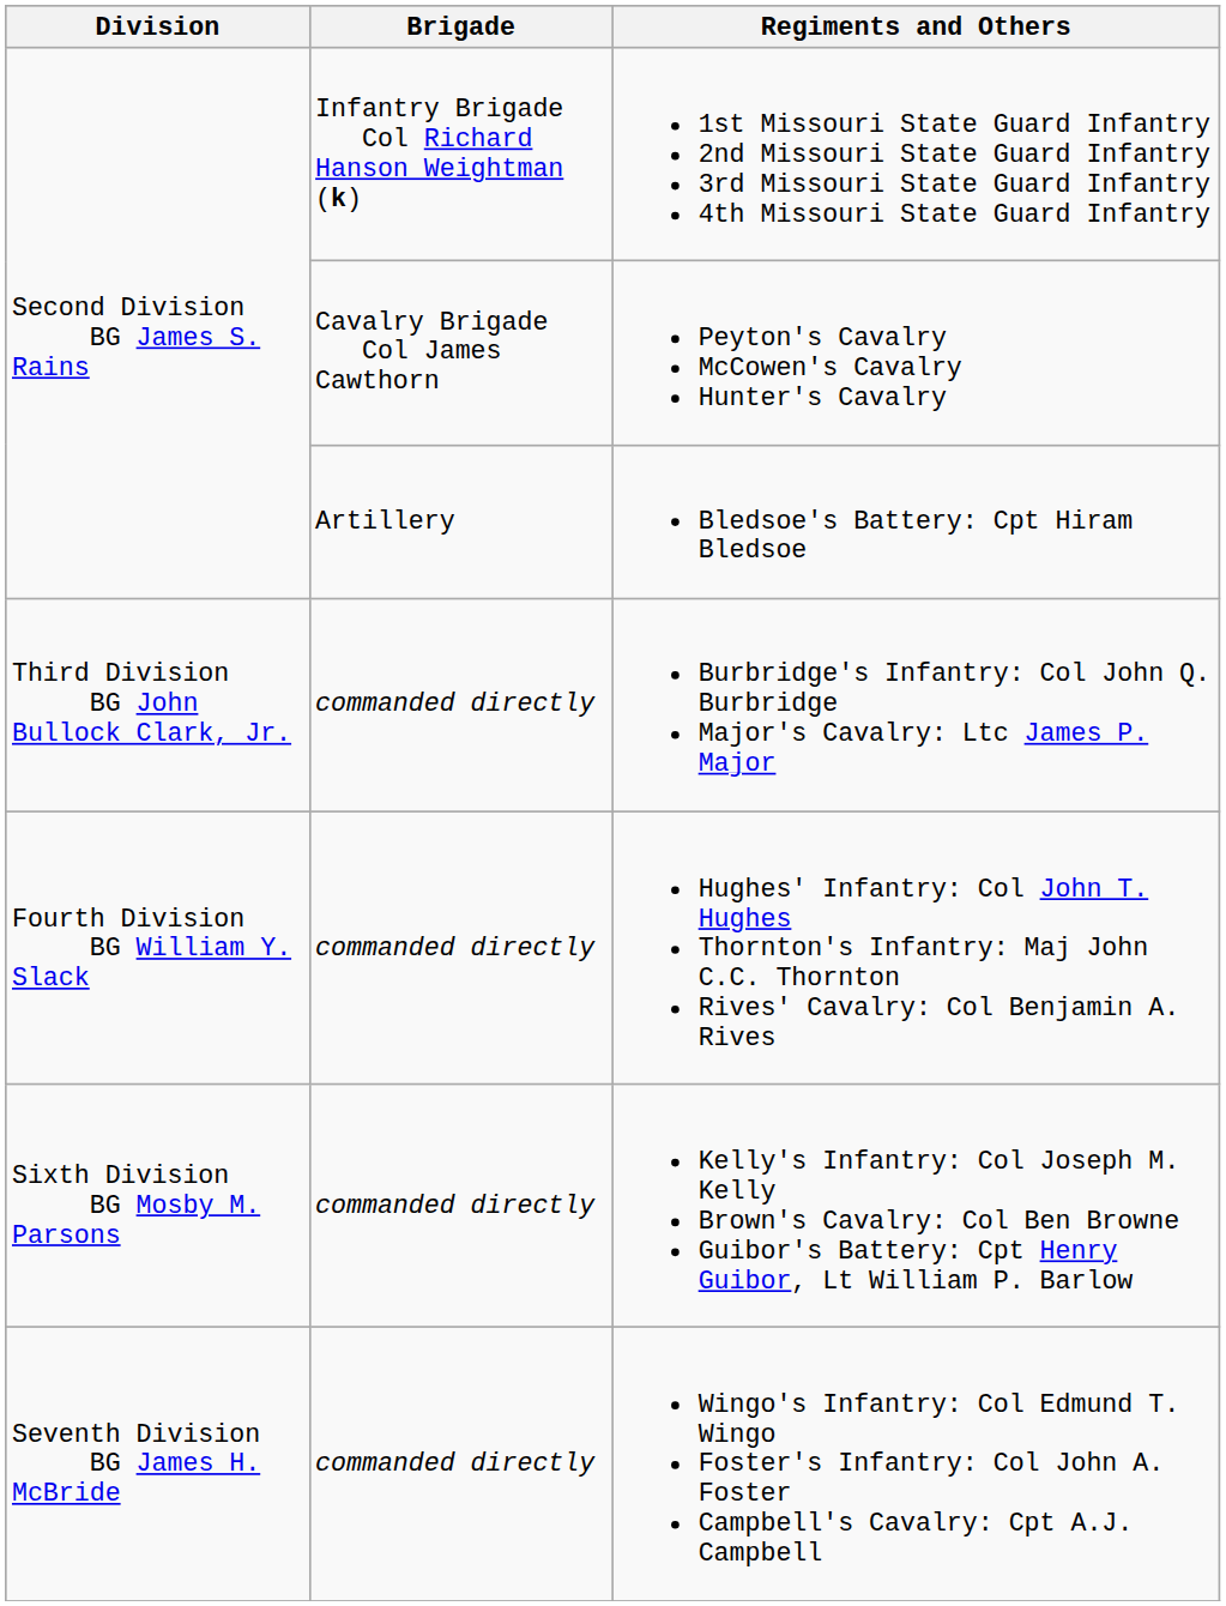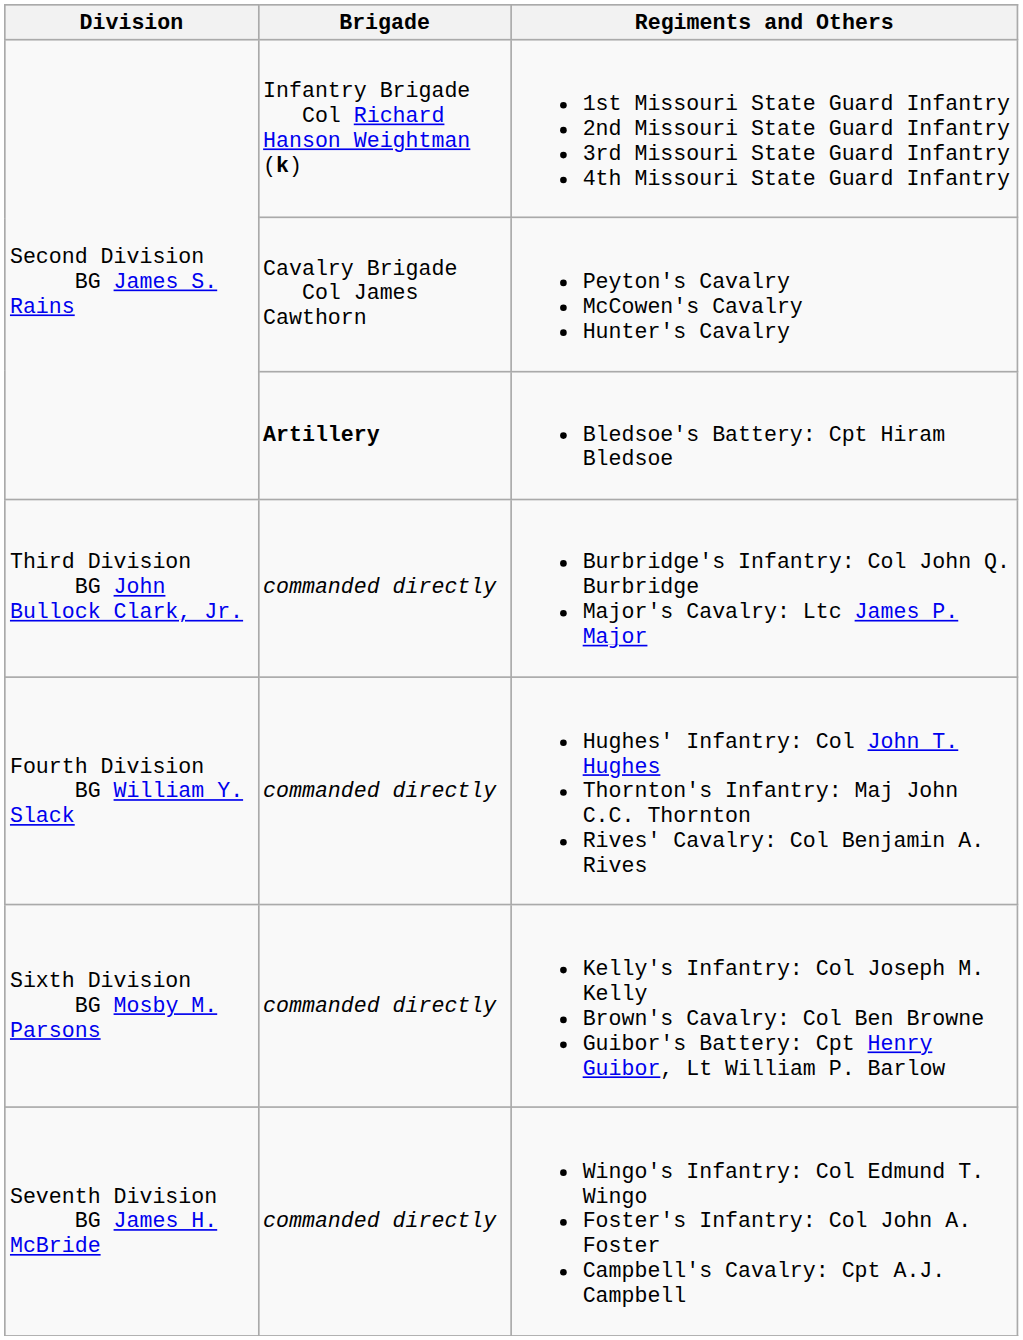 <table class="wikitable">
 <tr>
 <th width=25%>Division</th>
 <th width=25%>Brigade</th>
 <th>Regiments and Others</th>
 </tr>
 <tr>
 <td rowspan= 3><br>Second Division <br>     BG <a href='#'>James S. Rains</a></td>
 <td>Infantry Brigade<br>   Col <a href='#'>Richard Hanson Weightman</a> (<strong>k</strong>)</td>
 <td><br><ul><li>1st Missouri State Guard Infantry</li><li>2nd Missouri State Guard Infantry</li><li>3rd Missouri State Guard Infantry</li><li>4th Missouri State Guard Infantry</li></ul></td>
 </tr>
 <tr>
 <td>Cavalry Brigade<br>   Col James Cawthorn</td>
 <td><br><ul><li>Peyton's Cavalry</li><li>McCowen's Cavalry</li><li>Hunter's Cavalry</li></ul></td>
 </tr>
 <tr>
-<td>Artillery</td>
+<td><strong>Artillery</strong></td>
 <td><br><ul><li>Bledsoe's Battery: Cpt Hiram Bledsoe</li></ul></td>
 </tr>
 <tr>
 <td>Third Division<br>     BG <a href='#'>John Bullock Clark, Jr.</a></td>
 <td><em>commanded directly</em></td>
 <td><br><ul><li>Burbridge's Infantry: Col John Q. Burbridge</li><li>Major's Cavalry: Ltc <a href='#'>James P. Major</a></li></ul></td>
 </tr>
 <tr>
 <td>Fourth Division<br>     BG <a href='#'>William Y. Slack</a></td>
 <td><em>commanded directly</em></td>
 <td><br><ul><li>Hughes' Infantry: Col <a href='#'>John T. Hughes</a></li><li>Thornton's Infantry: Maj John C.C. Thornton</li><li>Rives' Cavalry: Col Benjamin A. Rives</li></ul></td>
 </tr>
 <tr>
 <td>Sixth Division<br>     BG <a href='#'>Mosby M. Parsons</a></td>
 <td><em>commanded directly</em></td>
 <td><br><ul><li>Kelly's Infantry: Col Joseph M. Kelly</li><li>Brown's Cavalry: Col Ben Browne</li><li>Guibor's Battery: Cpt <a href='#'>Henry Guibor</a>, Lt William P. Barlow</li></ul></td>
 </tr>
 <tr>
 <td>Seventh Division<br>     BG <a href='#'>James H. McBride</a></td>
 <td><em>commanded directly</em></td>
 <td><br><ul><li>Wingo's Infantry: Col Edmund T. Wingo</li><li>Foster's Infantry: Col John A. Foster</li><li>Campbell's Cavalry: Cpt A.J. Campbell</li></ul></td>
 </tr>
 <tr>
 </tr>
 </table>
